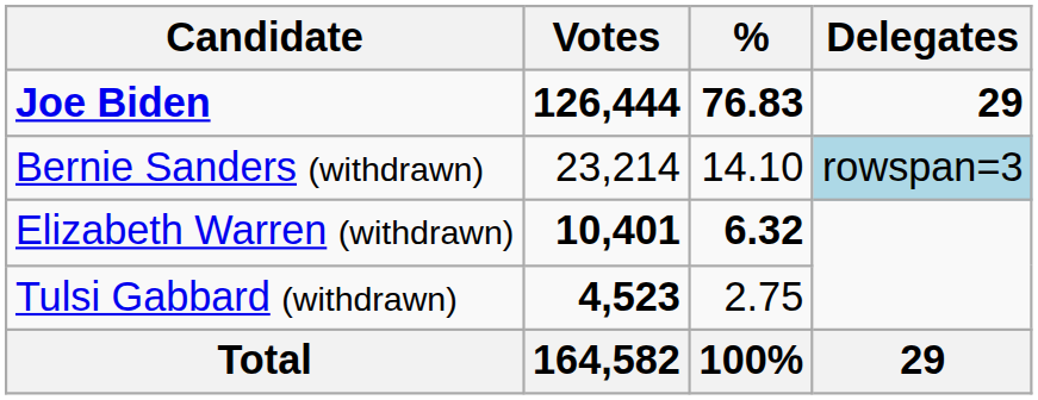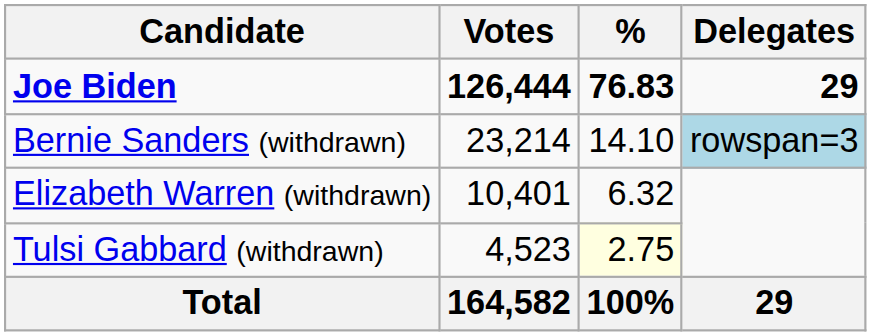 <table class="wikitable sortable" style="text-align:right;">
 <tr>
 <th>Candidate</th>
 <th>Votes</th>
 <th>%</th>
 <th>Delegates</th>
 </tr>
 <tr>
 <td style="text-align:left;" data-sort-value="Biden, Joe"><strong><a href='#'>Joe Biden</a></strong></td>
 <td><strong>126,444</strong></td>
 <td><strong>76.83</strong></td>
 <td><strong>29</strong></td>
 </tr>
 <tr>
 <td style="text-align:left;" data-sort-value="Sanders, Bernie"><a href='#'>Bernie Sanders</a> <small>(withdrawn)</small></td>
 <td>23,214</td>
 <td>14.10</td>
 <td style="background: lightblue;">rowspan=3 </td>
 </tr>
 <tr>
 <td style="text-align:left;" data-sort-value="Warren, Elizabeth"><a href='#'>Elizabeth Warren</a> <small>(withdrawn)</small></td>
-<td><strong>10,401</strong></td>
-<td><strong>6.32</strong></td>
+<td>10,401</td>
+<td>6.32</td>
 </tr>
 <tr>
 <td style="text-align:left;" data-sort-value="Gabbard, Tulsi"><a href='#'>Tulsi Gabbard</a> <small>(withdrawn)</small></td>
-<td><strong>4,523</strong></td>
-<td>2.75</td>
+<td>4,523</td>
+<td style="background: lightyellow;">2.75</td>
 </tr>
 <tr>
 <th>Total</th>
 <th>164,582</th>
 <th>100%</th>
 <th>29</th>
 </tr>
 </table>
